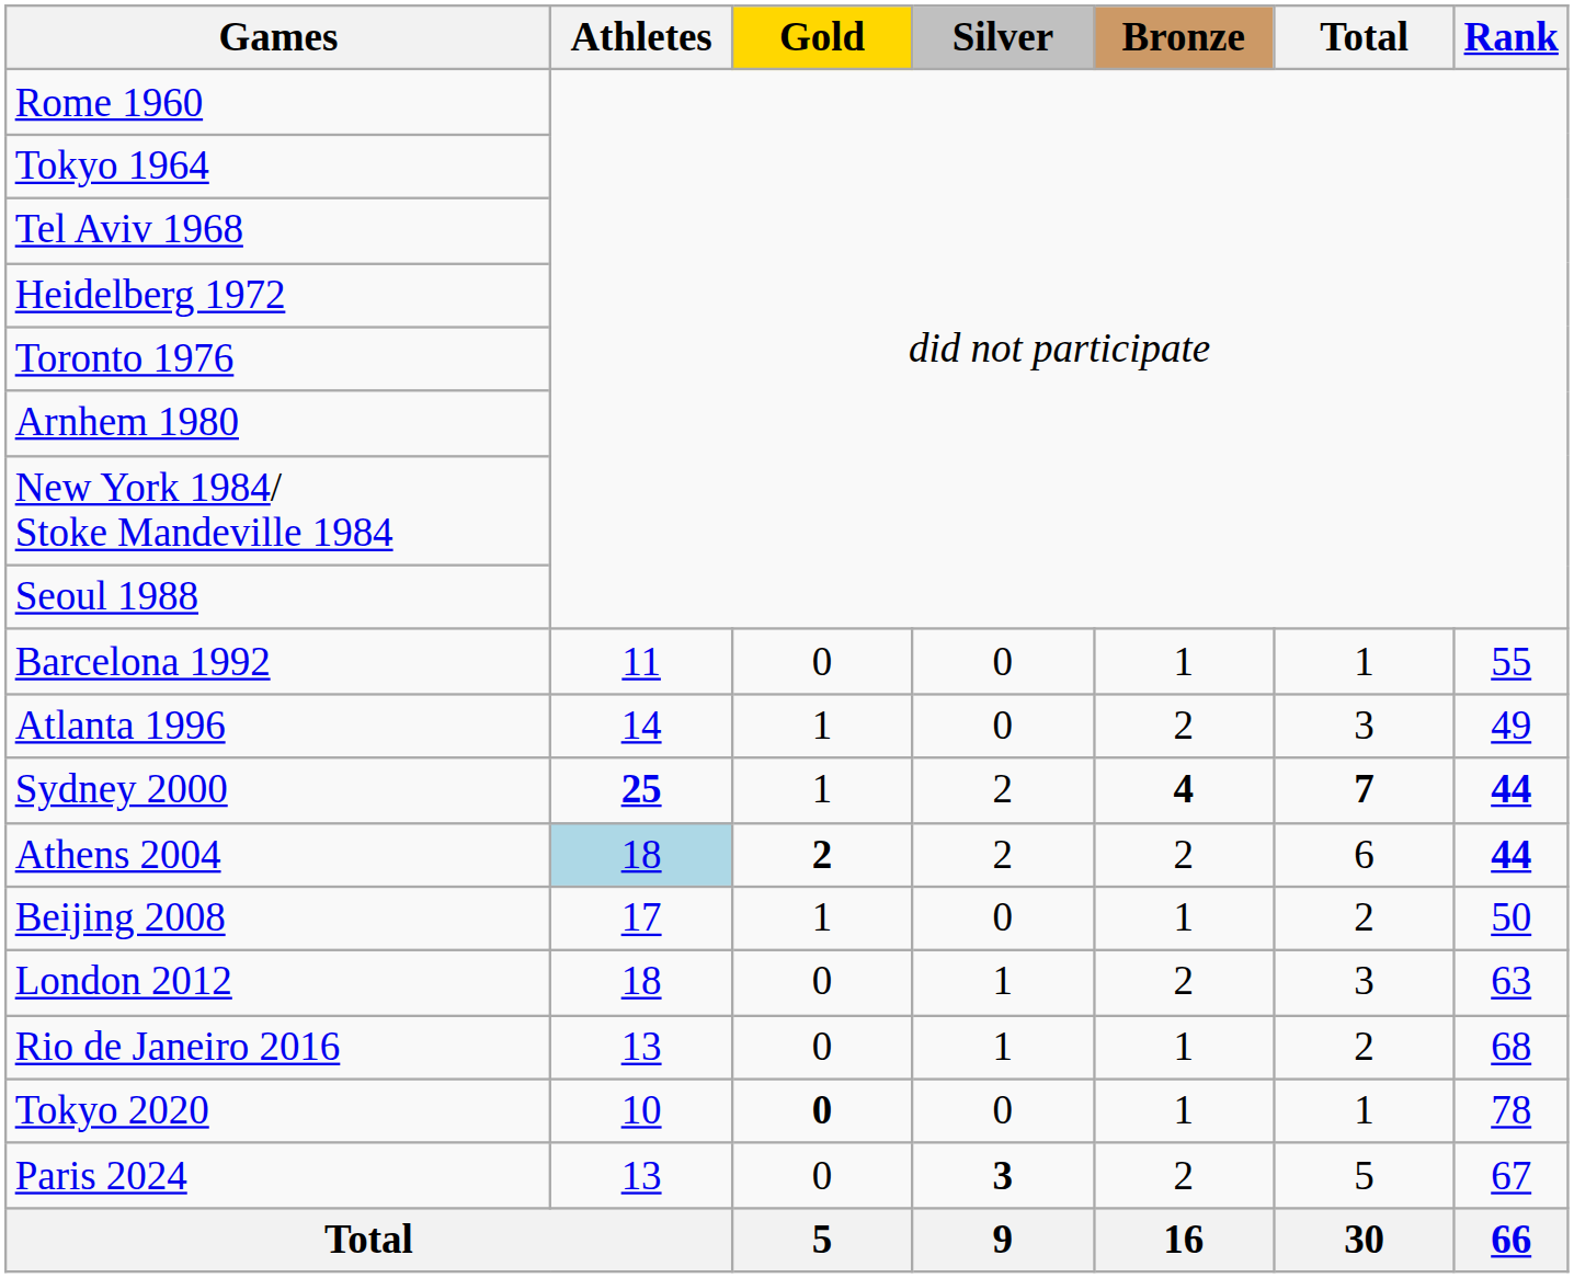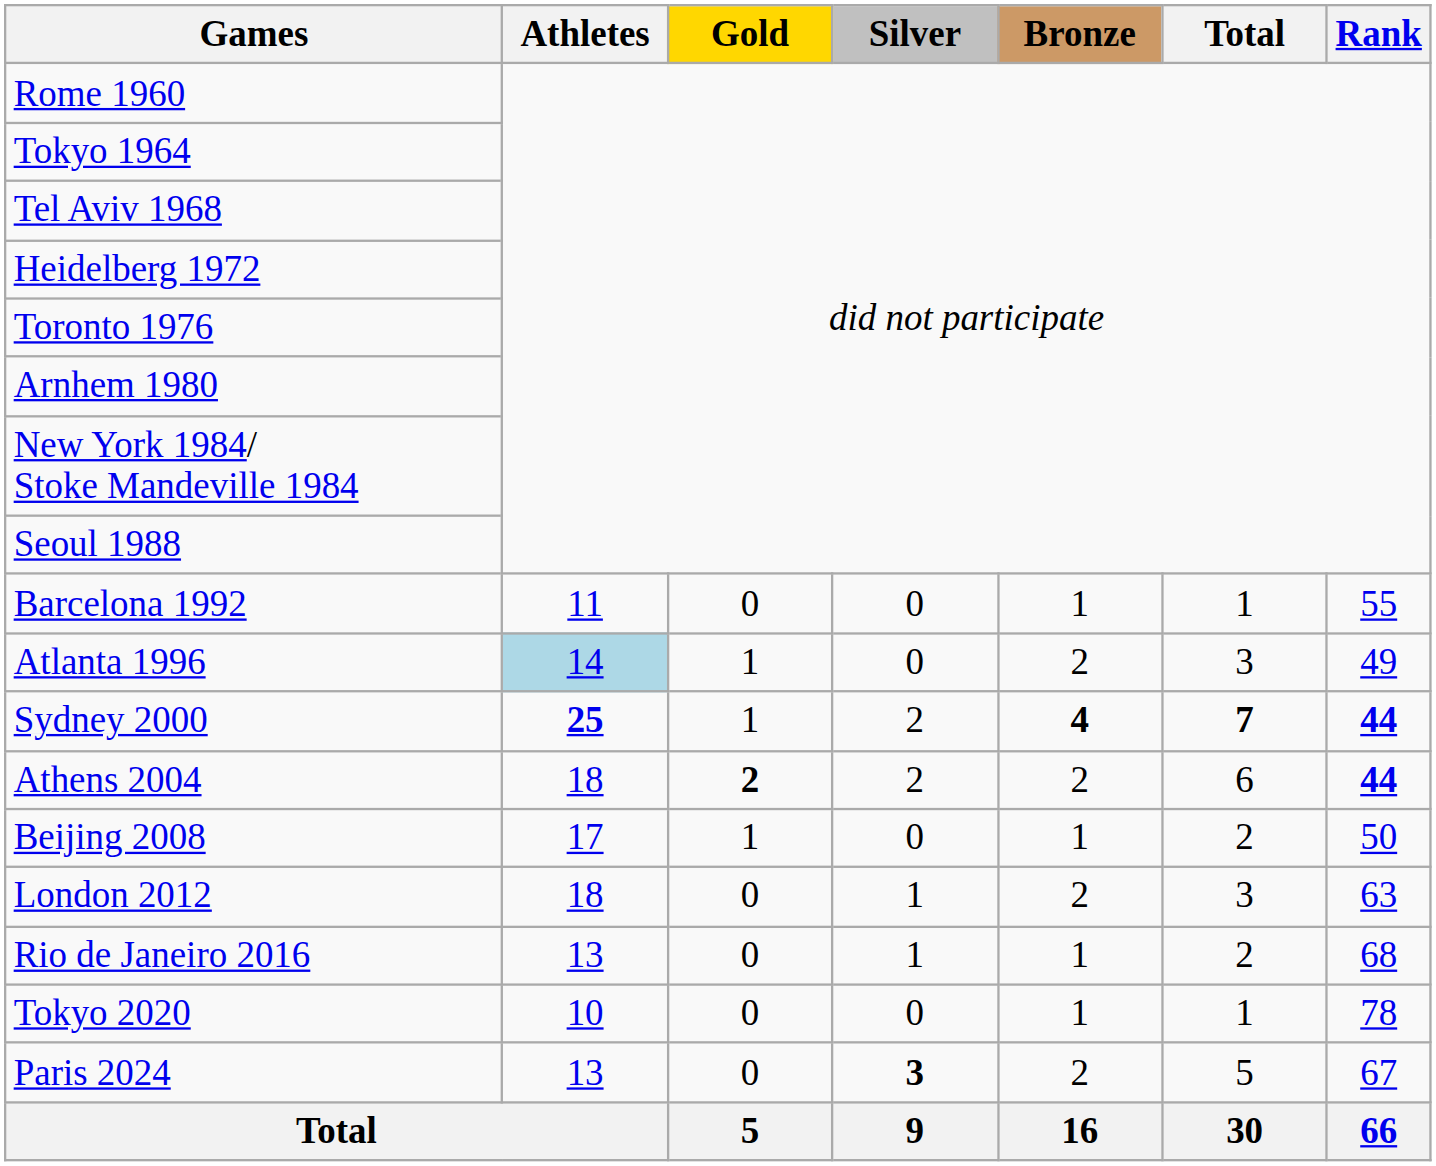 <table class = "wikitable" style = "text-align:center; font-size:100%;">
 <tr>
 <th style = "width:13em;">Games</th>
 <th style = "width:4em;">Athletes</th>
 <th style = "width:4em; background:gold;">Gold</th>
 <th style = "width:4em; background:silver;">Silver</th>
 <th style = "width:4em; background:#cc9966;">Bronze</th>
 <th style = "width:4em;">Total</th>
 <th style = "width:2em;"><a href='#'> Rank</a></th>
 </tr>
 <tr>
 <td align=left> <a href='#'>Rome 1960</a></td>
 <td colspan=6 rowspan="8"><em>did not participate</em></td>
 </tr>
 <tr>
 <td align=left> <a href='#'>Tokyo 1964</a></td>
 </tr>
 <tr>
 <td align=left> <a href='#'>Tel Aviv 1968</a></td>
 </tr>
 <tr>
 <td align=left> <a href='#'>Heidelberg 1972</a></td>
 </tr>
 <tr>
 <td align=left> <a href='#'>Toronto 1976</a></td>
 </tr>
 <tr>
 <td align=left> <a href='#'>Arnhem 1980</a></td>
 </tr>
 <tr>
 <td align=left> <a href='#'>New York 1984</a>/ <br>  <a href='#'>Stoke Mandeville 1984</a></td>
 </tr>
 <tr>
 <td align=left> <a href='#'>Seoul 1988</a></td>
 </tr>
 <tr>
 <td align=left> <a href='#'>Barcelona 1992</a></td>
 <td><a href='#'>11</a></td>
 <td>0</td>
 <td>0</td>
 <td>1</td>
 <td>1</td>
 <td><a href='#'>55</a></td>
 </tr>
 <tr>
 <td align=left> <a href='#'>Atlanta 1996</a></td>
-<td><a href='#'>14</a></td>
+<td style="background: lightblue;"><a href='#'>14</a></td>
 <td>1</td>
 <td>0</td>
 <td>2</td>
 <td>3</td>
 <td><a href='#'>49</a></td>
 </tr>
 <tr>
 <td align = left> <a href='#'> Sydney 2000</a></td>
 <td><a href='#'> <strong>25</strong></a></td>
 <td>1</td>
 <td>2</td>
 <td><strong>4</strong></td>
 <td><strong>7</strong></td>
 <td><a href='#'> <strong>44</strong></a></td>
 </tr>
 <tr>
 <td align = left> <a href='#'> Athens 2004</a></td>
-<td style="background: lightblue;"><a href='#'> 18</a></td>
+<td><a href='#'> 18</a></td>
 <td><strong>2</strong></td>
 <td>2</td>
 <td>2</td>
 <td>6</td>
 <td><a href='#'> <strong>44</strong></a></td>
 </tr>
 <tr>
 <td align = left> <a href='#'> Beijing 2008</a></td>
 <td><a href='#'> 17</a></td>
 <td>1</td>
 <td>0</td>
 <td>1</td>
 <td>2</td>
 <td><a href='#'> 50</a></td>
 </tr>
 <tr>
 <td align = left> <a href='#'> London 2012</a></td>
 <td><a href='#'> 18</a></td>
 <td>0</td>
 <td>1</td>
 <td>2</td>
 <td>3</td>
 <td><a href='#'> 63</a></td>
 </tr>
 <tr>
 <td align = left> <a href='#'> Rio de Janeiro 2016</a></td>
 <td><a href='#'> 13</a></td>
 <td>0</td>
 <td>1</td>
 <td>1</td>
 <td>2</td>
 <td><a href='#'> 68</a></td>
 </tr>
 <tr>
 <td align = left> <a href='#'> Tokyo 2020</a></td>
 <td><a href='#'> 10</a></td>
-<td><strong>0</strong></td>
+<td>0</td>
 <td>0</td>
 <td>1</td>
 <td>1</td>
 <td><a href='#'> 78</a></td>
 </tr>
 <tr>
 <td align = left> <a href='#'> Paris 2024</a></td>
 <td><a href='#'> 13</a></td>
 <td>0</td>
 <td><strong>3</strong></td>
 <td>2</td>
 <td>5</td>
 <td><a href='#'> 67</a></td>
 </tr>
 <tr>
 <th colspan = 2>Total</th>
 <th>5</th>
 <th>9</th>
 <th>16</th>
 <th>30</th>
 <th><a href='#'> 66</a></th>
 </tr>
 </table>
